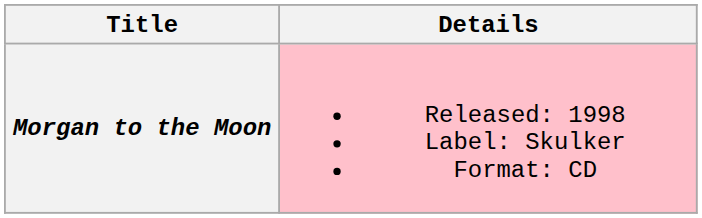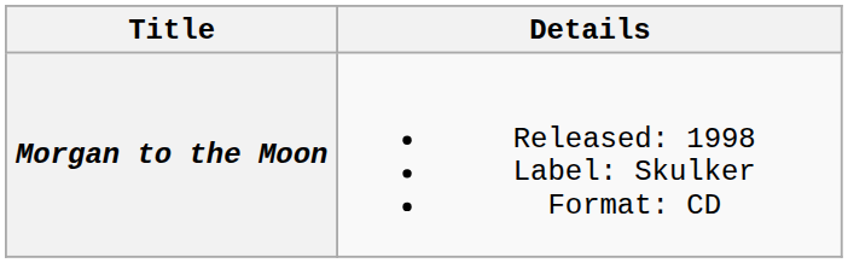 <table class="wikitable plainrowheaders" style="text-align:center;" border="1">
 <tr>
 <th scope="col" style="width:11em;">Title</th>
 <th scope="col" style="width:17em;">Details</th>
 </tr>
 <tr>
 <th scope="row"><em>Morgan to the Moon</em></th>
-<td style="background: pink;"><br><ul><li>Released: 1998</li><li>Label: Skulker</li><li>Format: CD</li></ul></td>
+<td><br><ul><li>Released: 1998</li><li>Label: Skulker</li><li>Format: CD</li></ul></td>
 </tr>
 </table>
